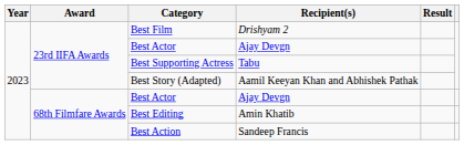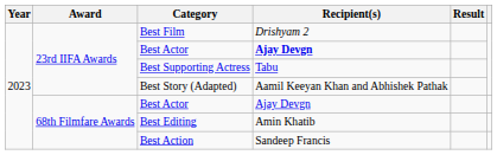 <table class="wikitable sortable"">
 <tr>
 <th>Year</th>
 <th>Award</th>
 <th>Category</th>
 <th>Recipient(s)</th>
 <th>Result</th>
 <th class="unsortable"></th>
 </tr>
 <tr>
 <td rowspan="7">2023</td>
 <td rowspan="4"><a href='#'>23rd IIFA Awards</a></td>
 <td><a href='#'>Best Film</a></td>
 <td><em>Drishyam 2</em></td>
 <td></td>
 <td rowspan="4"></td>
 </tr>
 <tr>
 <td><a href='#'>Best Actor</a></td>
-<td><a href='#'>Ajay Devgn</a></td>
+<td><strong><a href='#'>Ajay Devgn</a></strong></td>
 <td></td>
 </tr>
 <tr>
 <td><a href='#'>Best Supporting Actress</a></td>
 <td><a href='#'>Tabu</a></td>
 <td></td>
 </tr>
 <tr>
 <td>Best Story (Adapted)</td>
 <td>Aamil Keeyan Khan and Abhishek Pathak</td>
 <td></td>
 </tr>
 <tr>
 <td rowspan="3"><a href='#'>68th Filmfare Awards</a></td>
 <td><a href='#'>Best Actor</a></td>
 <td><a href='#'>Ajay Devgn</a></td>
 <td></td>
 <td></td>
 </tr>
 <tr>
 <td><a href='#'>Best Editing</a></td>
 <td>Amin Khatib</td>
 <td></td>
 <td></td>
 </tr>
 <tr>
 <td><a href='#'>Best Action</a></td>
 <td>Sandeep Francis</td>
 <td></td>
 </tr>
 </table>
